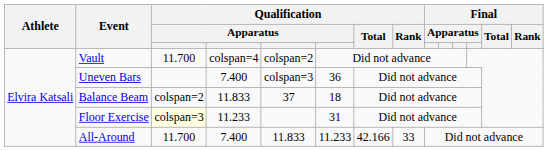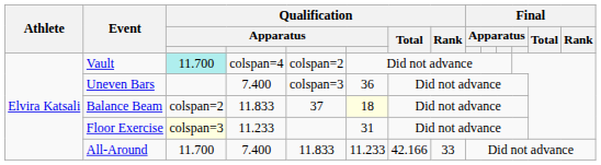 <table class="wikitable" style="font-size:90%">
 <tr>
 <th rowspan=3>Athlete</th>
 <th rowspan=3>Event</th>
 <th colspan=6>Qualification</th>
 <th colspan=6>Final</th>
 </tr>
 <tr style="font-size:95%">
 <th colspan=4>Apparatus</th>
 <th rowspan=2>Total</th>
 <th rowspan=2>Rank</th>
 <th colspan=4>Apparatus</th>
 <th rowspan=2>Total</th>
 <th rowspan=2>Rank</th>
 </tr>
 <tr style="font-size:95%">
 <th></th>
 <th></th>
 <th></th>
 <th></th>
 <th></th>
 <th></th>
 <th></th>
 <th></th>
 </tr>
 <tr align=center>
 <td align=left rowspan=5><a href='#'>Elvira Katsali</a></td>
 <td align=left><a href='#'>Vault</a></td>
-<td>11.700</td>
+<td style="background: paleturquoise;">11.700</td>
 <td>colspan=4 </td>
 <td>colspan=2 </td>
 <td colspan=6>Did not advance</td>
 </tr>
 <tr align=center>
 <td align=left><a href='#'>Uneven Bars</a></td>
 <td></td>
 <td>7.400</td>
 <td>colspan=3 </td>
 <td>36</td>
 <td colspan=6>Did not advance</td>
 </tr>
 <tr align=center>
 <td align=left><a href='#'>Balance Beam</a></td>
 <td>colspan=2 </td>
 <td>11.833</td>
 <td>37</td>
-<td>18</td>
+<td style="background: lightyellow;">18</td>
 <td colspan=6>Did not advance</td>
 </tr>
 <tr align=center>
 <td align=left><a href='#'>Floor Exercise</a></td>
 <td style="background: lightyellow;">colspan=3 </td>
 <td>11.233</td>
 <td></td>
 <td>31</td>
 <td colspan=6>Did not advance</td>
 </tr>
 <tr align=center>
 <td align=left><a href='#'>All-Around</a></td>
 <td>11.700</td>
 <td>7.400</td>
 <td>11.833</td>
 <td>11.233</td>
 <td>42.166</td>
 <td>33</td>
 <td colspan=6>Did not advance</td>
 </tr>
 </table>
